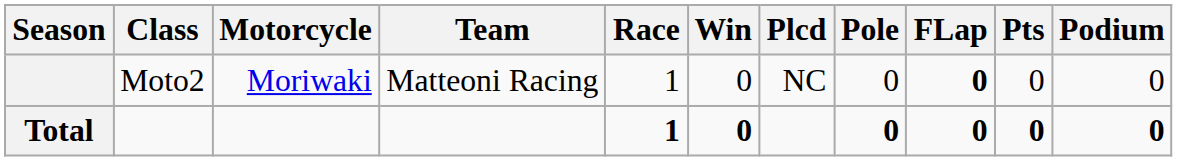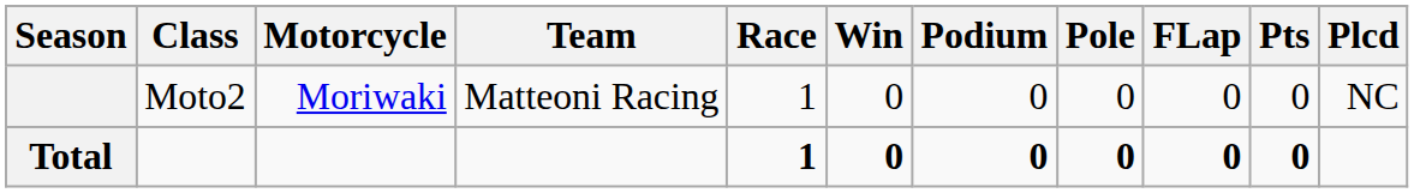 <table class="wikitable" style=text-align:right>
 <tr>
 <th>Season</th>
 <th>Class</th>
 <th>Motorcycle</th>
 <th>Team</th>
 <th>Race</th>
 <th>Win</th>
-<th>Plcd</th>
+<th>Podium</th>
 <th>Pole</th>
 <th>FLap</th>
 <th>Pts</th>
-<th>Podium</th>
+<th>Plcd</th>
 </tr>
 <tr>
 <th></th>
 <td>Moto2</td>
 <td><a href='#'>Moriwaki</a></td>
 <td>Matteoni Racing</td>
 <td>1</td>
 <td>0</td>
-<td>NC</td>
-<td>0</td>
-<td><strong>0</strong></td>
 <td>0</td>
 <td>0</td>
+<td>0</td>
+<td>0</td>
+<td>NC</td>
 </tr>
 <tr>
 <th>Total</th>
 <td></td>
 <td></td>
 <td></td>
 <td><strong>1</strong></td>
 <td><strong>0</strong></td>
-<td></td>
 <td><strong>0</strong></td>
 <td><strong>0</strong></td>
 <td><strong>0</strong></td>
 <td><strong>0</strong></td>
+<td></td>
 </tr>
 </table>
